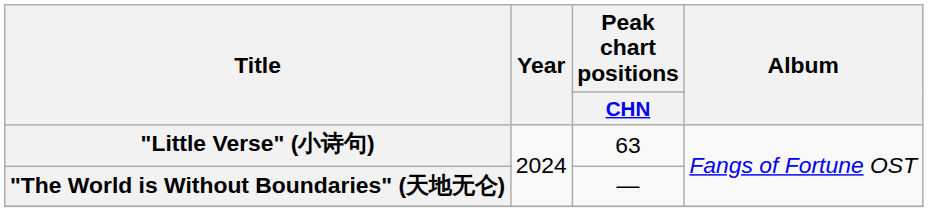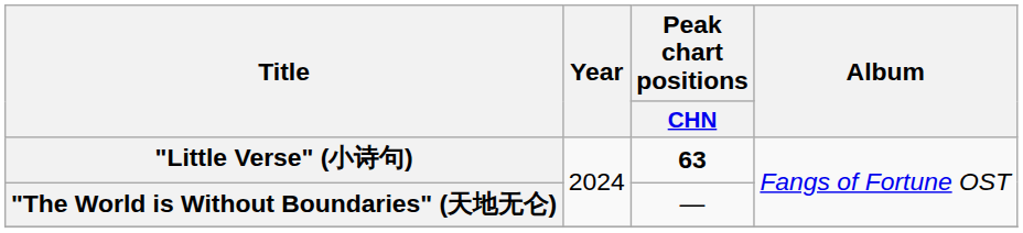 <table class="wikitable plainrowheaders" style="text-align:center;">
 <tr>
 <th rowspan="2" scope="col">Title</th>
 <th rowspan="2" scope="col">Year</th>
 <th>Peak chart positions</th>
 <th rowspan="2" scope="col">Album</th>
 </tr>
 <tr>
 <th scope="col" style="width:3em;font-size:90%;"><a href='#'>CHN</a><br></th>
 </tr>
 <tr>
 <th scope="row">"Little Verse" (小诗句) </th>
 <td rowspan="2">2024</td>
-<td>63</td>
+<td><strong>63</strong></td>
 <td rowspan="2"><em><a href='#'>Fangs of Fortune</a> OST</em></td>
 </tr>
 <tr>
 <th scope="row">"The World is Without Boundaries" (天地无仑)</th>
 <td>—</td>
 </tr>
 <tr>
 </tr>
 </table>
